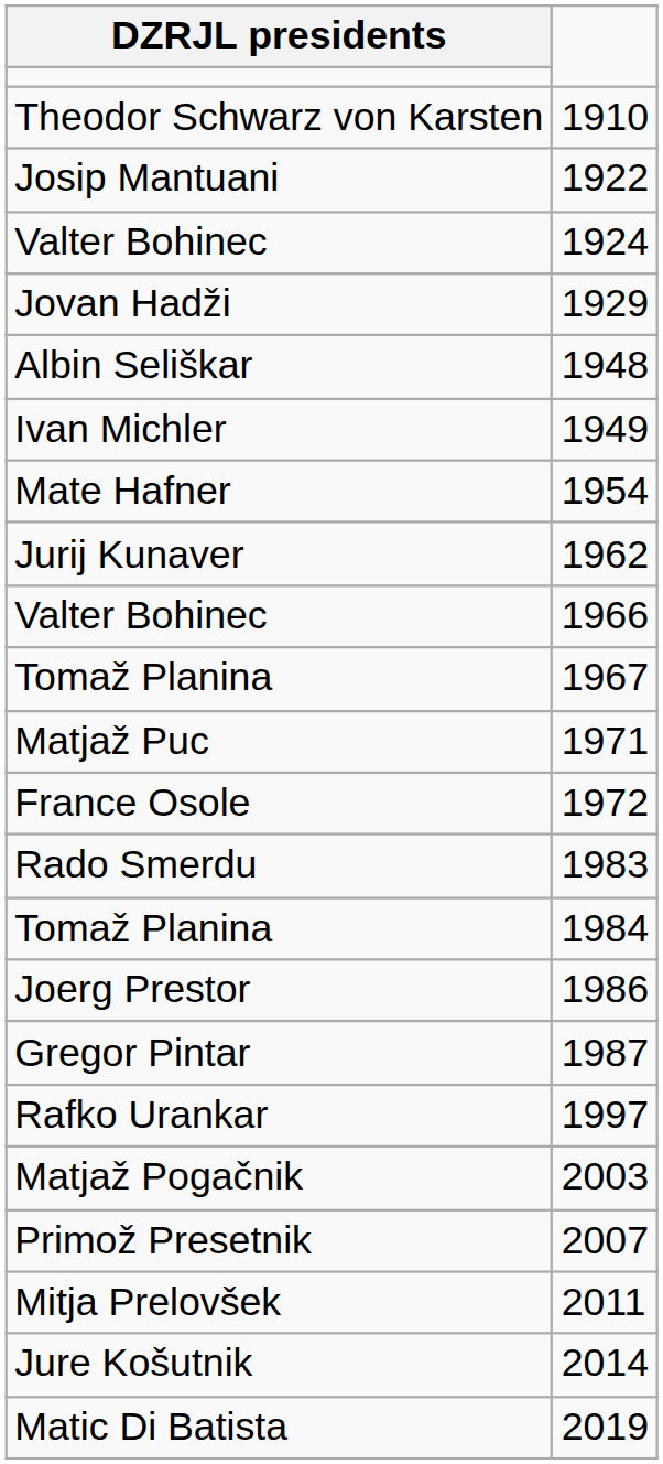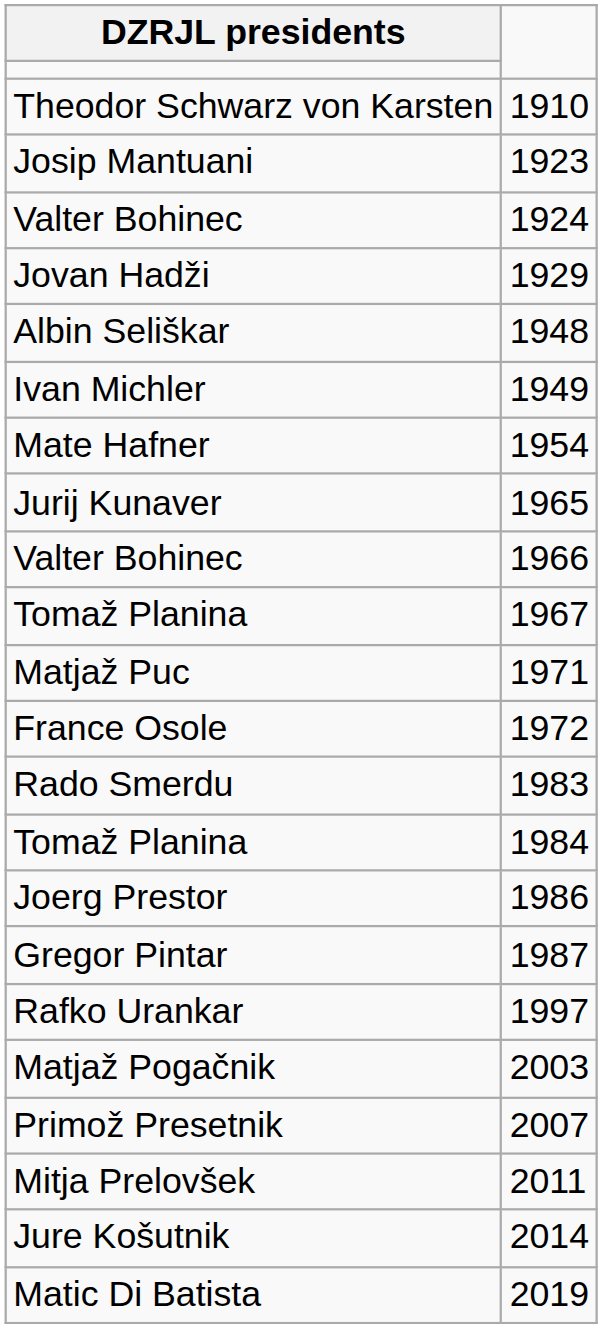 <table class="wikitable collapsible collapsed" style="margin: 1em auto 1em auto;">
 <tr>
 <th>DZRJL presidents</th>
 </tr>
 <tr>
 <td></td>
 </tr>
 <tr>
 <td>Theodor Schwarz von Karsten</td>
 <td>1910</td>
 </tr>
 <tr>
 <td>Josip Mantuani</td>
-<td>1922</td>
+<td>1923</td>
 </tr>
 <tr>
 <td>Valter Bohinec</td>
 <td>1924</td>
 </tr>
 <tr>
 <td>Jovan Hadži</td>
 <td>1929</td>
 </tr>
 <tr>
 <td>Albin Seliškar</td>
 <td>1948</td>
 </tr>
 <tr>
 <td>Ivan Michler</td>
 <td>1949</td>
 </tr>
 <tr>
 <td>Mate Hafner</td>
 <td>1954</td>
 </tr>
 <tr>
 <td>Jurij Kunaver</td>
-<td>1962</td>
+<td>1965</td>
 </tr>
 <tr>
 <td>Valter Bohinec</td>
 <td>1966</td>
 </tr>
 <tr>
 <td>Tomaž Planina</td>
 <td>1967</td>
 </tr>
 <tr>
 <td>Matjaž Puc</td>
 <td>1971</td>
 </tr>
 <tr>
 <td>France Osole</td>
 <td>1972</td>
 </tr>
 <tr>
 <td>Rado Smerdu</td>
 <td>1983</td>
 </tr>
 <tr>
 <td>Tomaž Planina</td>
 <td>1984</td>
 </tr>
 <tr>
 <td>Joerg Prestor</td>
 <td>1986</td>
 </tr>
 <tr>
 <td>Gregor Pintar</td>
 <td>1987</td>
 </tr>
 <tr>
 <td>Rafko Urankar</td>
 <td>1997</td>
 </tr>
 <tr>
 <td>Matjaž Pogačnik</td>
 <td>2003</td>
 </tr>
 <tr>
 <td>Primož Presetnik</td>
 <td>2007</td>
 </tr>
 <tr>
 <td>Mitja Prelovšek</td>
 <td>2011</td>
 </tr>
 <tr>
 <td>Jure Košutnik</td>
 <td>2014</td>
 </tr>
 <tr>
 <td>Matic Di Batista</td>
 <td>2019</td>
 </tr>
 </table>
